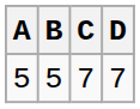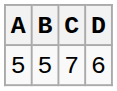 <table class="wikitable inline">
 <tr>
 <th>A</th>
 <th>B</th>
 <th>C</th>
 <th>D</th>
 </tr>
 <tr>
 <td>5</td>
 <td>5</td>
 <td>7</td>
-<td>7</td>
+<td>6</td>
 </tr>
 </table>
